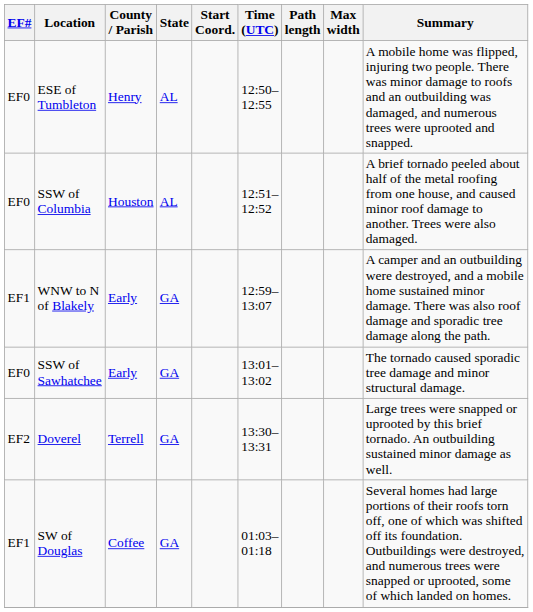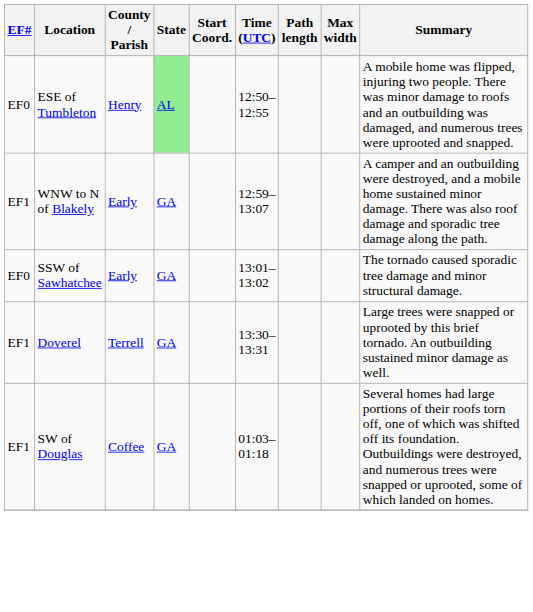 <table class="wikitable sortable" style="width:100%;">
 <tr>
 <th scope="col"  style="width:3%; text-align:center;"><a href='#'>EF#</a></th>
 <th scope="col"  style="width:7%; text-align:center;" class="unsortable">Location</th>
 <th scope="col"  style="width:6%; text-align:center;" class="unsortable">County / Parish</th>
 <th scope="col"  style="width:5%; text-align:center;">State</th>
 <th scope="col"  style="width:6%; text-align:center;">Start Coord.</th>
 <th scope="col"  style="width:6%; text-align:center;">Time (<a href='#'>UTC</a>)</th>
 <th scope="col"  style="width:6%; text-align:center;">Path length</th>
 <th scope="col"  style="width:6%; text-align:center;">Max width</th>
 <th scope="col" class="unsortable" style="width:48%; text-align:center;">Summary</th>
 </tr>
 <tr>
 <td>EF0</td>
 <td>ESE of <a href='#'>Tumbleton</a></td>
 <td><a href='#'>Henry</a></td>
-<td><a href='#'>AL</a></td>
+<td style="background: lightgreen;"><a href='#'>AL</a></td>
 <td></td>
 <td>12:50–12:55</td>
 <td></td>
 <td></td>
 <td>A mobile home was flipped, injuring two people. There was minor damage to roofs and an outbuilding was damaged, and numerous trees were uprooted and snapped.</td>
-</tr>
-<tr>
-<td>EF0</td>
-<td>SSW of <a href='#'>Columbia</a></td>
-<td><a href='#'>Houston</a></td>
-<td><a href='#'>AL</a></td>
-<td></td>
-<td>12:51–12:52</td>
-<td></td>
-<td></td>
-<td>A brief tornado peeled about half of the metal roofing from one house, and caused minor roof damage to another. Trees were also damaged.</td>
 </tr>
 <tr>
 <td>EF1</td>
 <td>WNW to N of <a href='#'>Blakely</a></td>
 <td><a href='#'>Early</a></td>
 <td><a href='#'>GA</a></td>
 <td></td>
 <td>12:59–13:07</td>
 <td></td>
 <td></td>
 <td>A camper and an outbuilding were destroyed, and a mobile home sustained minor damage. There was also roof damage and sporadic tree damage along the path.</td>
 </tr>
 <tr>
 <td>EF0</td>
 <td>SSW of <a href='#'>Sawhatchee</a></td>
 <td><a href='#'>Early</a></td>
 <td><a href='#'>GA</a></td>
 <td></td>
 <td>13:01–13:02</td>
 <td></td>
 <td></td>
 <td>The tornado caused sporadic tree damage and minor structural damage.</td>
 </tr>
 <tr>
-<td>EF2</td>
+<td>EF1</td>
 <td><a href='#'>Doverel</a></td>
 <td><a href='#'>Terrell</a></td>
 <td><a href='#'>GA</a></td>
 <td></td>
 <td>13:30–13:31</td>
 <td></td>
 <td></td>
 <td>Large trees were snapped or uprooted by this brief tornado. An outbuilding sustained minor damage as well.</td>
 </tr>
 <tr>
 <td>EF1</td>
 <td>SW of <a href='#'>Douglas</a></td>
 <td><a href='#'>Coffee</a></td>
 <td><a href='#'>GA</a></td>
 <td></td>
 <td>01:03–01:18</td>
 <td></td>
 <td></td>
 <td>Several homes had large portions of their roofs torn off, one of which was shifted off its foundation. Outbuildings were destroyed, and numerous trees were snapped or uprooted, some of which landed on homes.</td>
 </tr>
 <tr>
 </tr>
 </table>
